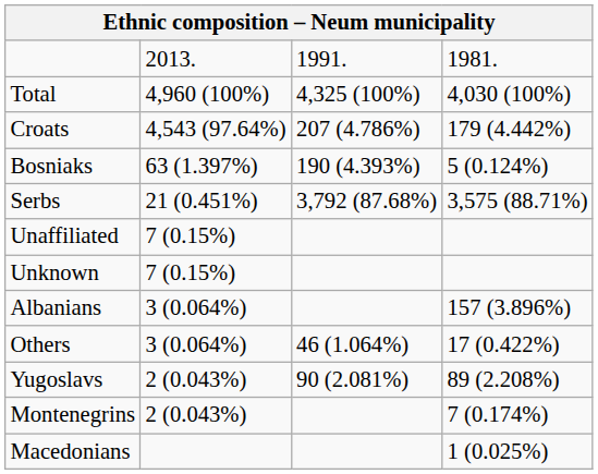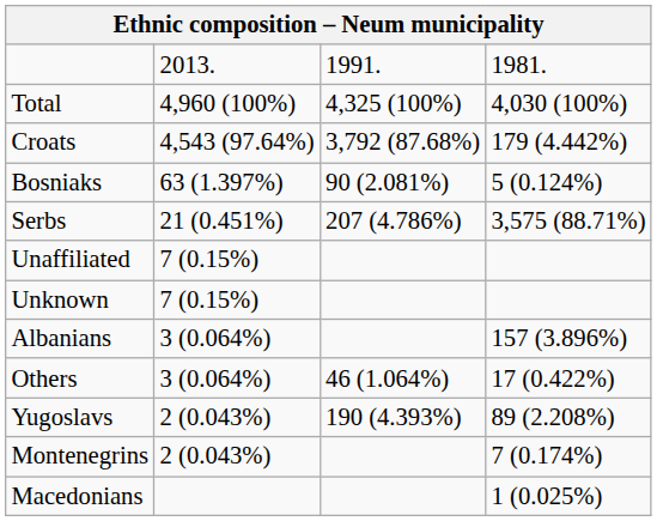 <table class="wikitable">
 <tr>
 <th colspan="8">Ethnic composition – Neum municipality</th>
 </tr>
 <tr>
 <td></td>
 <td>2013.</td>
 <td>1991.</td>
 <td>1981.</td>
 </tr>
 <tr>
 <td>Total</td>
 <td>4,960 (100%)</td>
 <td>4,325 (100%)</td>
 <td>4,030 (100%)</td>
 </tr>
 <tr>
 <td>Croats</td>
 <td>4,543 (97.64%)</td>
-<td>207 (4.786%)</td>
+<td>3,792 (87.68%)</td>
 <td>179 (4.442%)</td>
 </tr>
 <tr>
 <td>Bosniaks</td>
 <td>63 (1.397%)</td>
-<td>190 (4.393%)</td>
+<td>90 (2.081%)</td>
 <td>5 (0.124%)</td>
 </tr>
 <tr>
 <td>Serbs</td>
 <td>21 (0.451%)</td>
-<td>3,792 (87.68%)</td>
+<td>207 (4.786%)</td>
 <td>3,575 (88.71%)</td>
 </tr>
 <tr>
 <td>Unaffiliated</td>
 <td>7 (0.15%)</td>
 <td></td>
 <td></td>
 </tr>
 <tr>
 <td>Unknown</td>
 <td>7 (0.15%)</td>
 <td></td>
 <td></td>
 </tr>
 <tr>
 <td>Albanians</td>
 <td>3 (0.064%)</td>
 <td></td>
 <td>157 (3.896%)</td>
 </tr>
 <tr>
 <td>Others</td>
 <td>3 (0.064%)</td>
 <td>46 (1.064%)</td>
 <td>17 (0.422%)</td>
 </tr>
 <tr>
 <td>Yugoslavs</td>
 <td>2 (0.043%)</td>
-<td>90 (2.081%)</td>
+<td>190 (4.393%)</td>
 <td>89 (2.208%)</td>
 </tr>
 <tr>
 <td>Montenegrins</td>
 <td>2 (0.043%)</td>
 <td></td>
 <td>7 (0.174%)</td>
 </tr>
 <tr>
 <td>Macedonians</td>
 <td></td>
 <td></td>
 <td>1 (0.025%)</td>
 </tr>
 </table>
